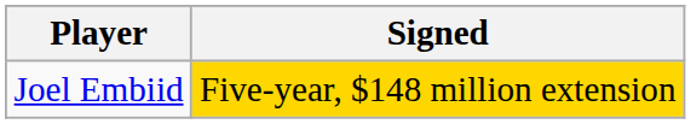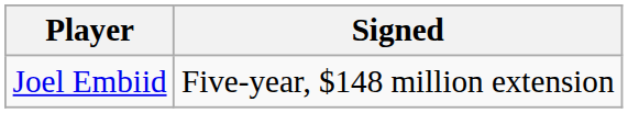 <table class="wikitable sortable sortable" style="text-align: center;">
 <tr>
 <th>Player</th>
 <th>Signed</th>
 </tr>
 <tr style="text-align: center">
 <td><a href='#'>Joel Embiid</a></td>
-<td style="background: gold;">Five-year, $148 million extension</td>
+<td>Five-year, $148 million extension</td>
 </tr>
 </table>
